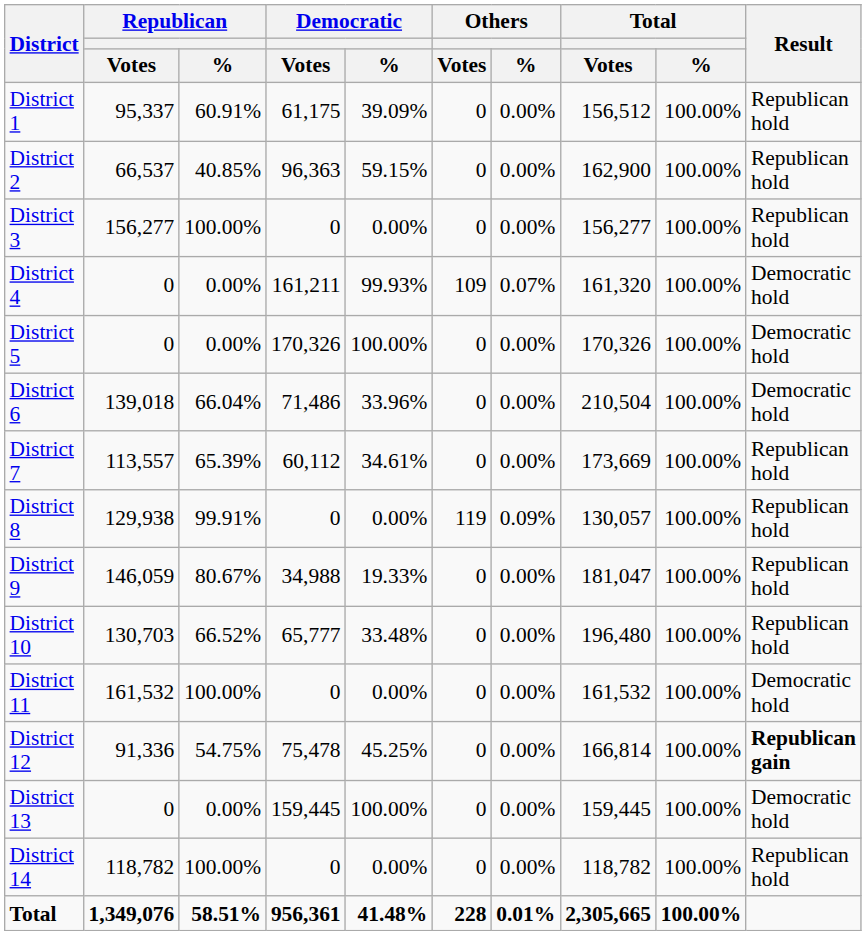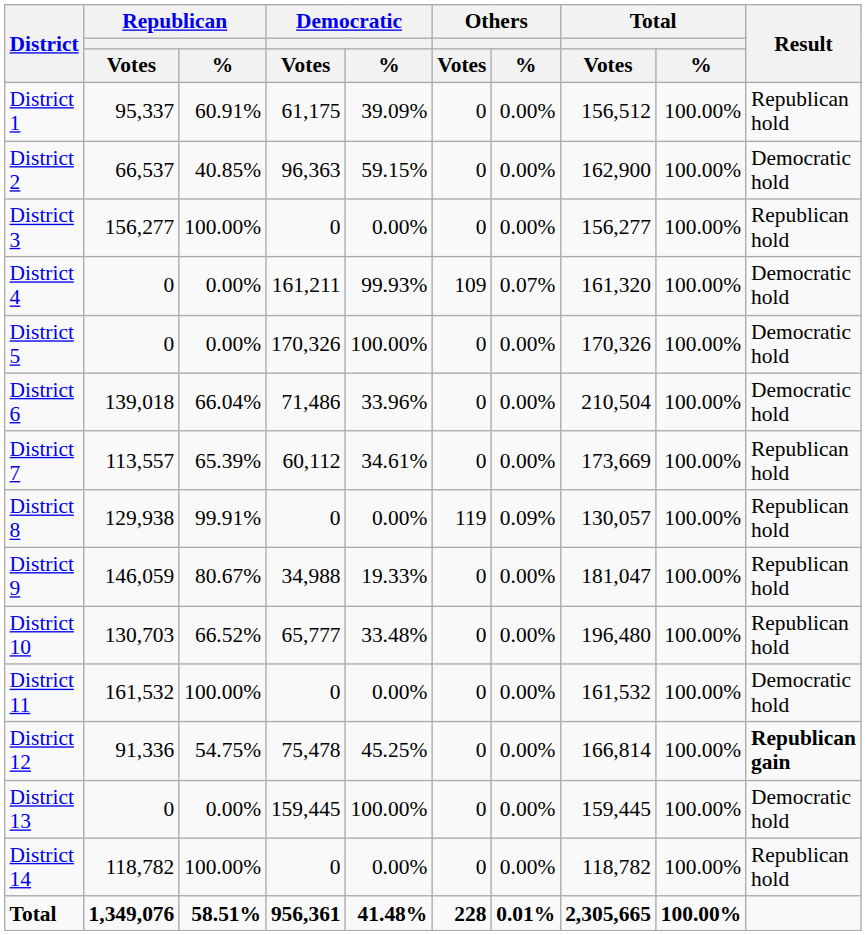 <table class="wikitable plainrowheaders sortable" style="font-size:100%; text-align:right;">
 <tr>
 <th scope=col rowspan=3><a href='#'>District</a></th>
 <th scope=col colspan=2><a href='#'>Republican</a></th>
 <th scope=col colspan=2><a href='#'>Democratic</a></th>
 <th scope=col colspan=2>Others</th>
 <th scope=col colspan=2>Total</th>
 <th scope=col rowspan=3>Result</th>
 </tr>
 <tr>
 <th scope=col colspan=2 style="background:"></th>
 <th scope=col colspan=2 style="background:"></th>
 <th scope=col colspan=2></th>
 <th scope=col colspan=2></th>
 </tr>
 <tr>
 <th scope=col data-sort-type="number">Votes</th>
 <th scope=col data-sort-type="number">%</th>
 <th scope=col data-sort-type="number">Votes</th>
 <th scope=col data-sort-type="number">%</th>
 <th scope=col data-sort-type="number">Votes</th>
 <th scope=col data-sort-type="number">%</th>
 <th scope=col data-sort-type="number">Votes</th>
 <th scope=col data-sort-type="number">%</th>
 </tr>
 <tr>
 <td align=left><a href='#'>District 1</a></td>
 <td>95,337</td>
 <td>60.91%</td>
 <td>61,175</td>
 <td>39.09%</td>
 <td>0</td>
 <td>0.00%</td>
 <td>156,512</td>
 <td>100.00%</td>
 <td align=left>Republican hold</td>
 </tr>
 <tr>
 <td align=left><a href='#'>District 2</a></td>
 <td>66,537</td>
 <td>40.85%</td>
 <td>96,363</td>
 <td>59.15%</td>
 <td>0</td>
 <td>0.00%</td>
 <td>162,900</td>
 <td>100.00%</td>
-<td align=left>Republican hold</td>
+<td align=left>Democratic hold</td>
 </tr>
 <tr>
 <td align=left><a href='#'>District 3</a></td>
 <td>156,277</td>
 <td>100.00%</td>
 <td>0</td>
 <td>0.00%</td>
 <td>0</td>
 <td>0.00%</td>
 <td>156,277</td>
 <td>100.00%</td>
 <td align=left>Republican hold</td>
 </tr>
 <tr>
 <td align=left><a href='#'>District 4</a></td>
 <td>0</td>
 <td>0.00%</td>
 <td>161,211</td>
 <td>99.93%</td>
 <td>109</td>
 <td>0.07%</td>
 <td>161,320</td>
 <td>100.00%</td>
 <td align=left>Democratic hold</td>
 </tr>
 <tr>
 <td align=left><a href='#'>District 5</a></td>
 <td>0</td>
 <td>0.00%</td>
 <td>170,326</td>
 <td>100.00%</td>
 <td>0</td>
 <td>0.00%</td>
 <td>170,326</td>
 <td>100.00%</td>
 <td align=left>Democratic hold</td>
 </tr>
 <tr>
 <td align=left><a href='#'>District 6</a></td>
 <td>139,018</td>
 <td>66.04%</td>
 <td>71,486</td>
 <td>33.96%</td>
 <td>0</td>
 <td>0.00%</td>
 <td>210,504</td>
 <td>100.00%</td>
 <td align=left>Democratic hold</td>
 </tr>
 <tr>
 <td align=left><a href='#'>District 7</a></td>
 <td>113,557</td>
 <td>65.39%</td>
 <td>60,112</td>
 <td>34.61%</td>
 <td>0</td>
 <td>0.00%</td>
 <td>173,669</td>
 <td>100.00%</td>
 <td align=left>Republican hold</td>
 </tr>
 <tr>
 <td align=left><a href='#'>District 8</a></td>
 <td>129,938</td>
 <td>99.91%</td>
 <td>0</td>
 <td>0.00%</td>
 <td>119</td>
 <td>0.09%</td>
 <td>130,057</td>
 <td>100.00%</td>
 <td align=left>Republican hold</td>
 </tr>
 <tr>
 <td align=left><a href='#'>District 9</a></td>
 <td>146,059</td>
 <td>80.67%</td>
 <td>34,988</td>
 <td>19.33%</td>
 <td>0</td>
 <td>0.00%</td>
 <td>181,047</td>
 <td>100.00%</td>
 <td align=left>Republican hold</td>
 </tr>
 <tr>
 <td align=left><a href='#'>District 10</a></td>
 <td>130,703</td>
 <td>66.52%</td>
 <td>65,777</td>
 <td>33.48%</td>
 <td>0</td>
 <td>0.00%</td>
 <td>196,480</td>
 <td>100.00%</td>
 <td align=left>Republican hold</td>
 </tr>
 <tr>
 <td align=left><a href='#'>District 11</a></td>
 <td>161,532</td>
 <td>100.00%</td>
 <td>0</td>
 <td>0.00%</td>
 <td>0</td>
 <td>0.00%</td>
 <td>161,532</td>
 <td>100.00%</td>
 <td align=left>Democratic hold</td>
 </tr>
 <tr>
 <td align=left><a href='#'>District 12</a></td>
 <td>91,336</td>
 <td>54.75%</td>
 <td>75,478</td>
 <td>45.25%</td>
 <td>0</td>
 <td>0.00%</td>
 <td>166,814</td>
 <td>100.00%</td>
 <td align=left><strong>Republican gain</strong></td>
 </tr>
 <tr>
 <td align=left><a href='#'>District 13</a></td>
 <td>0</td>
 <td>0.00%</td>
 <td>159,445</td>
 <td>100.00%</td>
 <td>0</td>
 <td>0.00%</td>
 <td>159,445</td>
 <td>100.00%</td>
 <td align=left>Democratic hold</td>
 </tr>
 <tr>
 <td align=left><a href='#'>District 14</a></td>
 <td>118,782</td>
 <td>100.00%</td>
 <td>0</td>
 <td>0.00%</td>
 <td>0</td>
 <td>0.00%</td>
 <td>118,782</td>
 <td>100.00%</td>
 <td align=left>Republican hold</td>
 </tr>
 <tr class="sortbottom" style="font-weight:bold">
 <td align=left>Total</td>
 <td>1,349,076</td>
 <td>58.51%</td>
 <td>956,361</td>
 <td>41.48%</td>
 <td>228</td>
 <td>0.01%</td>
 <td>2,305,665</td>
 <td>100.00%</td>
 <td></td>
 </tr>
 </table>
